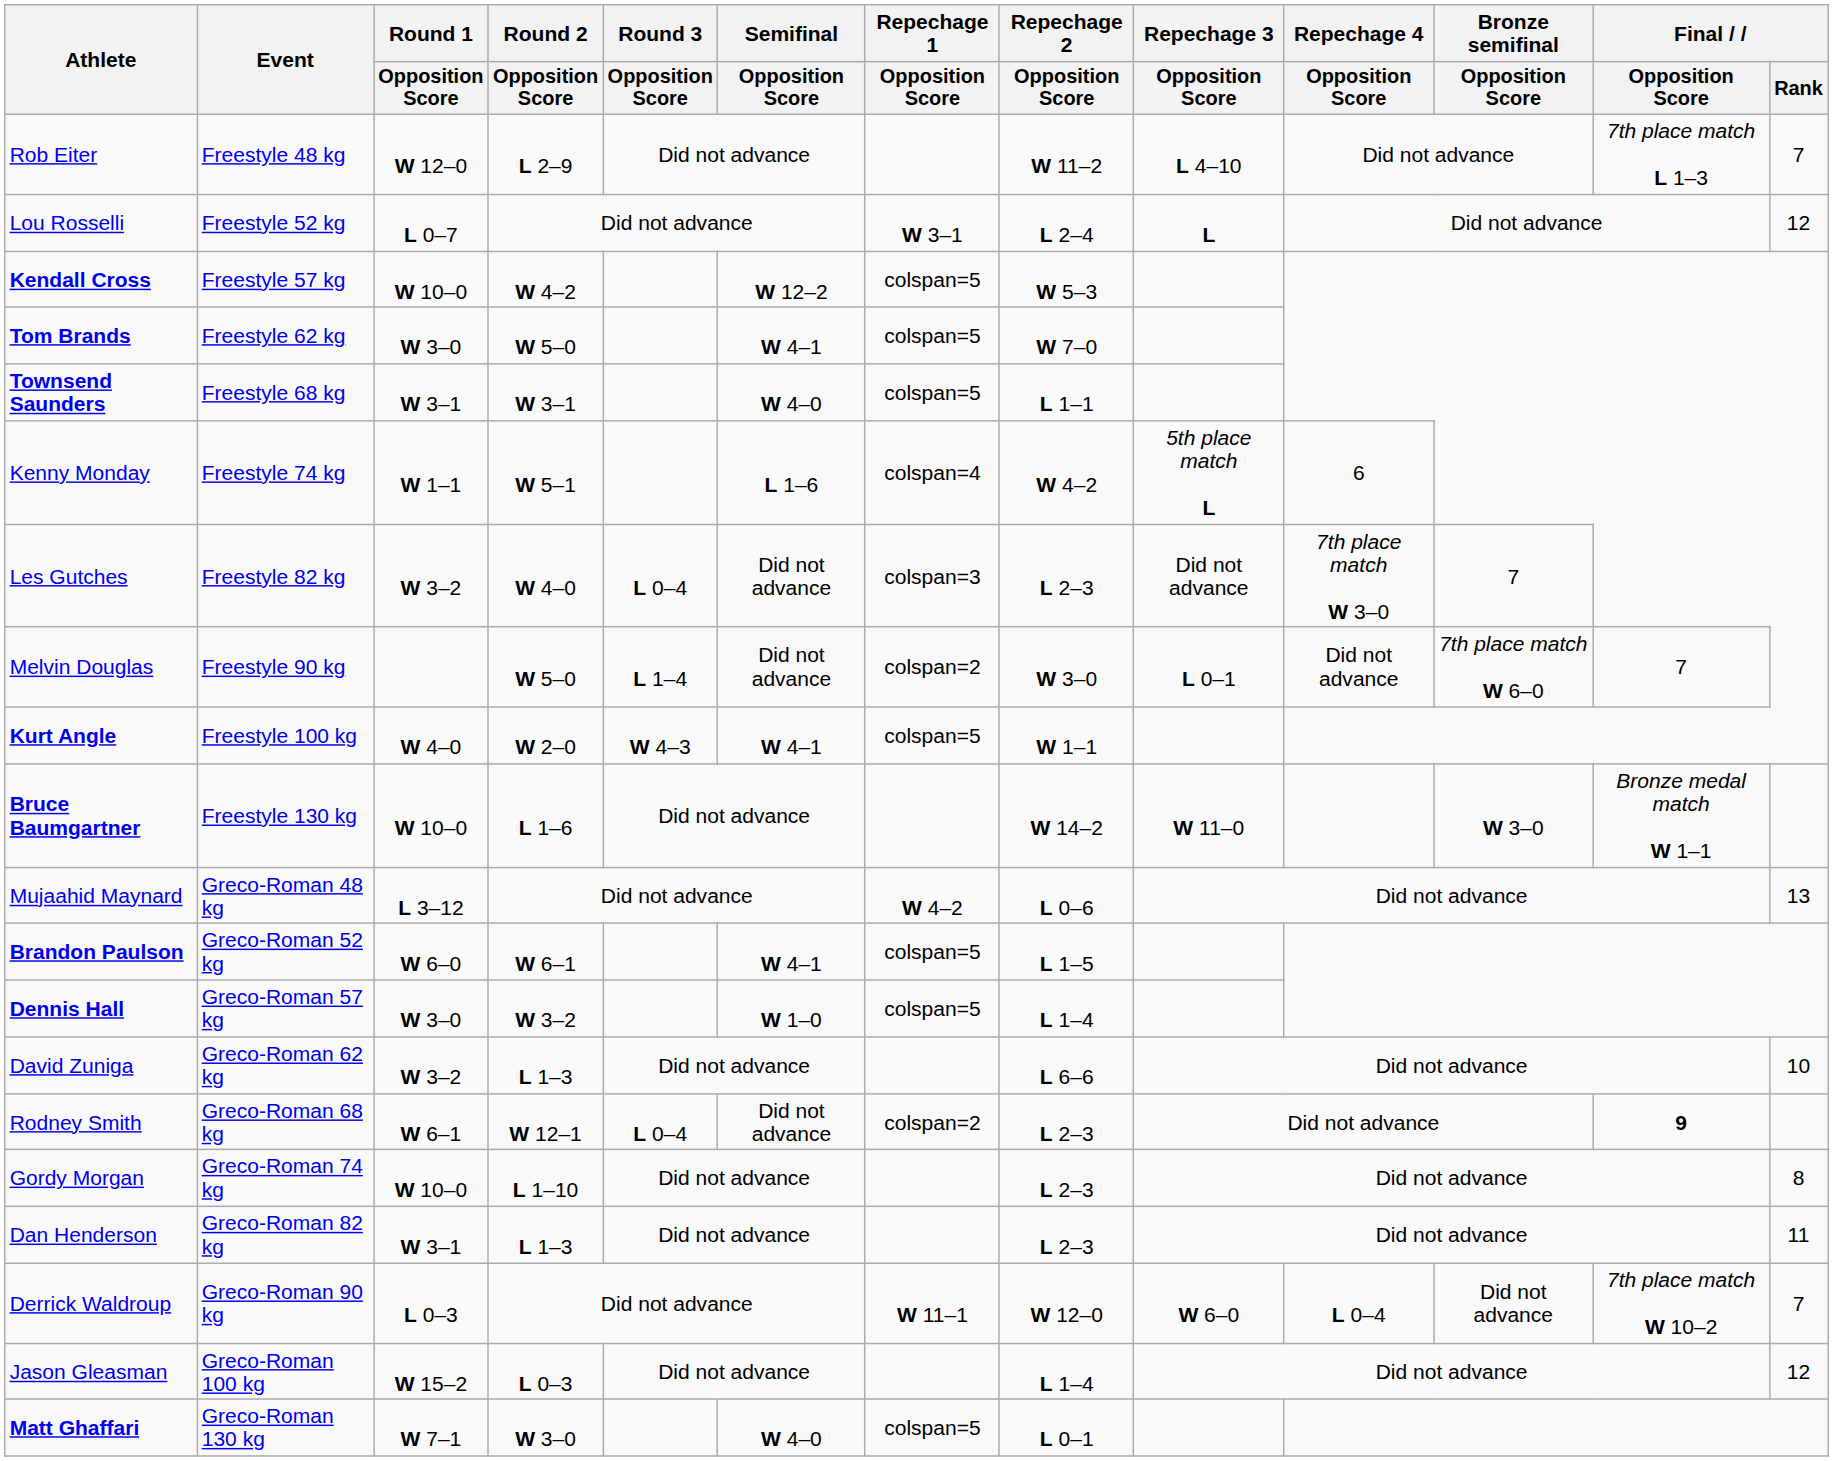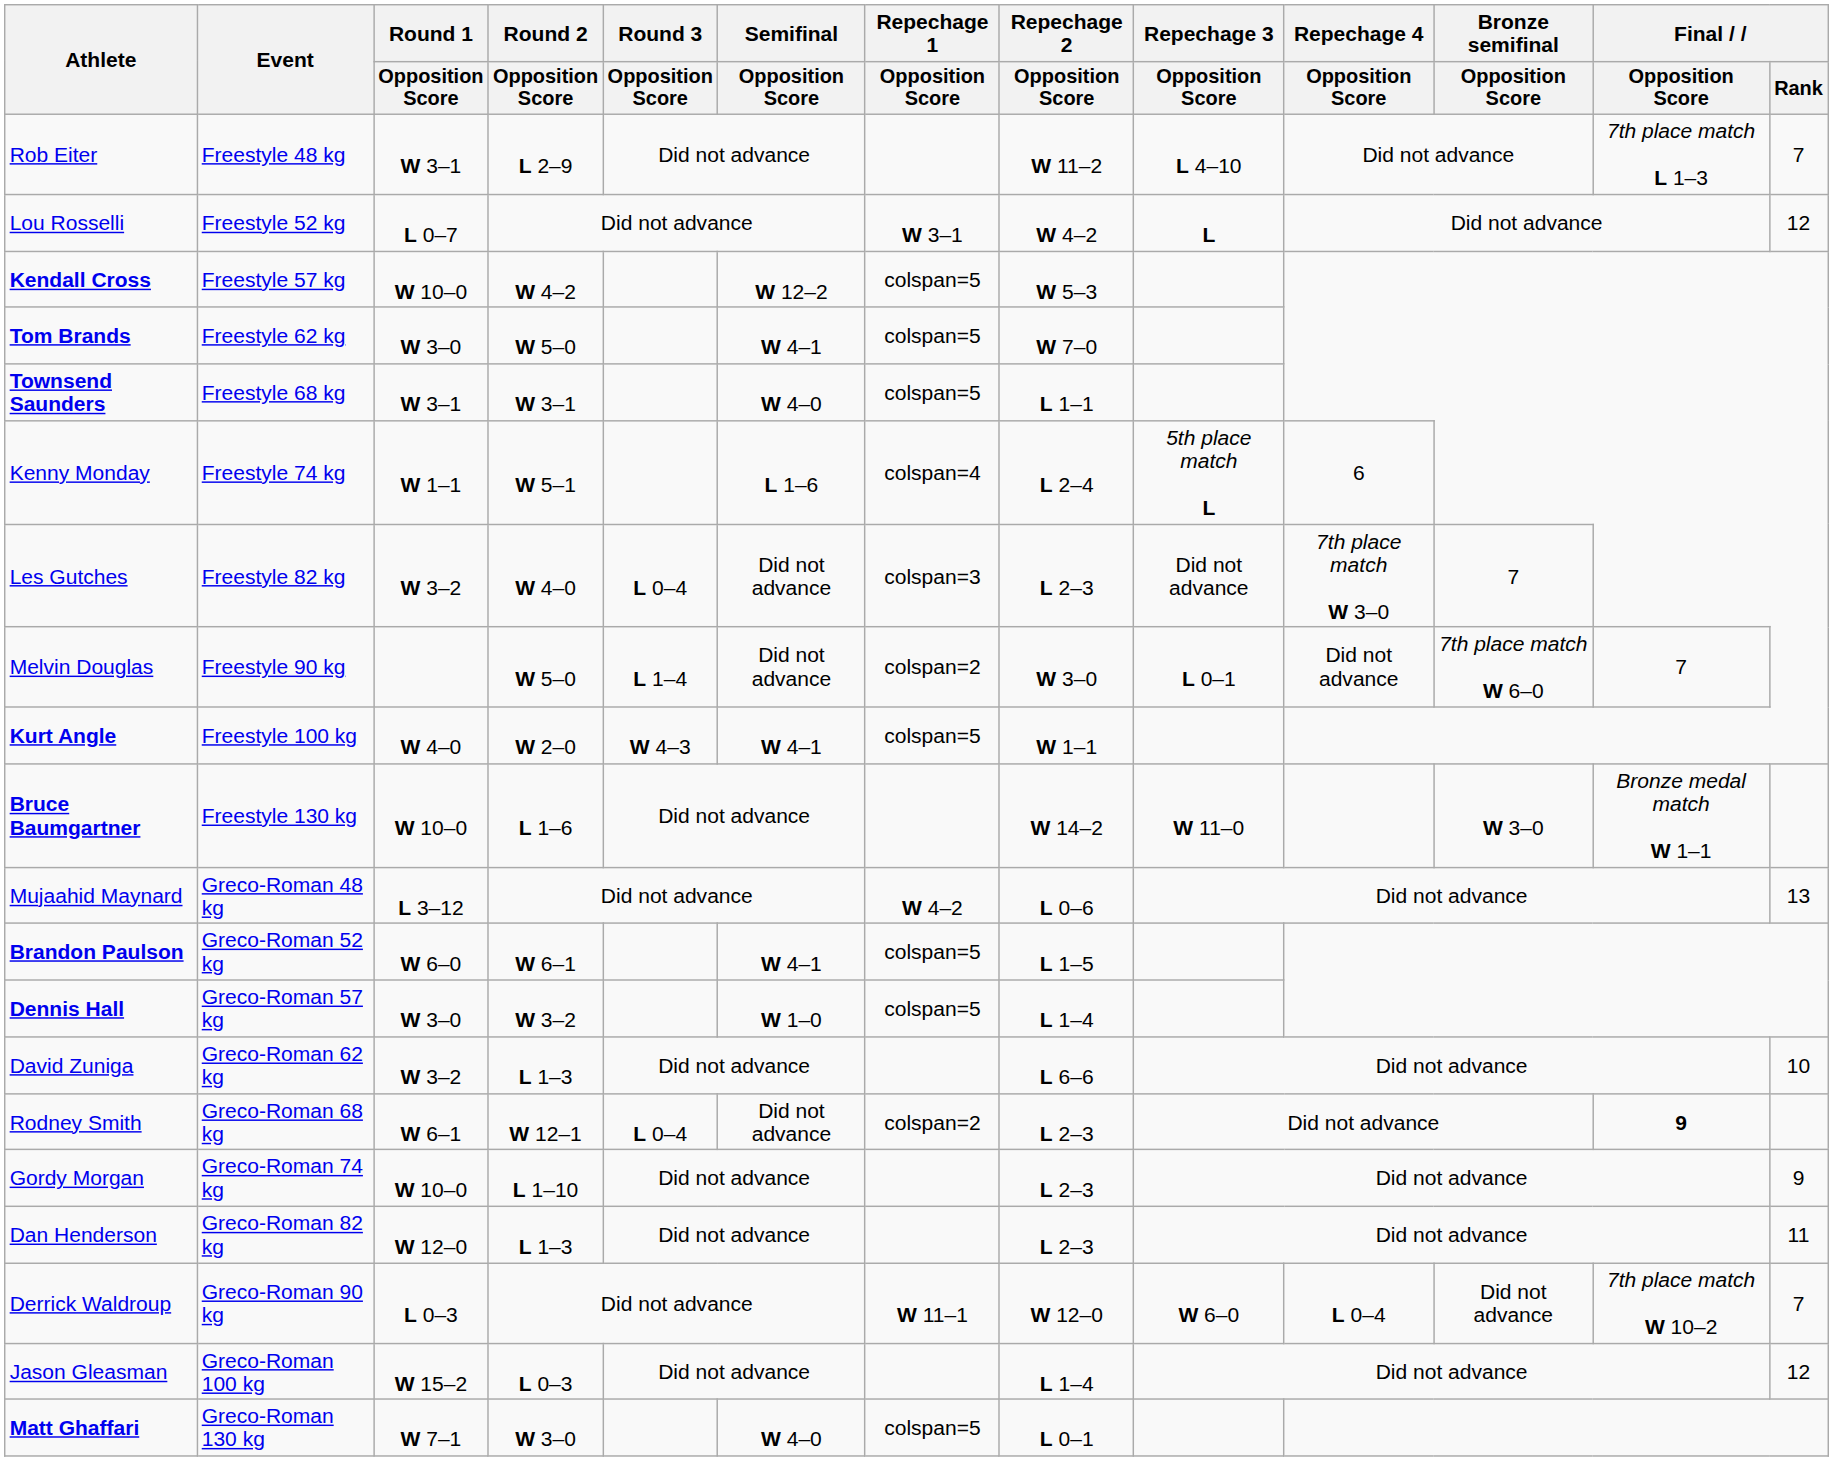 <table class=wikitable style=font-size:90%;text-align:center>
 <tr>
 <th rowspan=2>Athlete</th>
 <th rowspan=2>Event</th>
 <th>Round 1</th>
 <th>Round 2</th>
 <th>Round 3</th>
 <th>Semifinal</th>
 <th>Repechage 1</th>
 <th>Repechage 2</th>
 <th>Repechage 3</th>
 <th>Repechage 4</th>
 <th>Bronze semifinal</th>
 <th colspan=2>Final /  / </th>
 </tr>
 <tr style=font-size:95%>
 <th>Opposition<br>Score</th>
 <th>Opposition<br>Score</th>
 <th>Opposition<br>Score</th>
 <th>Opposition<br>Score</th>
 <th>Opposition<br>Score</th>
 <th>Opposition<br>Score</th>
 <th>Opposition<br>Score</th>
 <th>Opposition<br>Score</th>
 <th>Opposition<br>Score</th>
 <th>Opposition<br>Score</th>
 <th>Rank</th>
 </tr>
 <tr>
 <td align=left><a href='#'>Rob Eiter</a></td>
 <td align=left><a href='#'>Freestyle 48 kg</a></td>
-<td><br><strong>W</strong> 12–0</td>
+<td><br><strong>W</strong> 3–1</td>
 <td><br><strong>L</strong> 2–9</td>
 <td colspan=2>Did not advance</td>
 <td></td>
 <td><br><strong>W</strong> 11–2</td>
 <td><br><strong>L</strong> 4–10</td>
 <td colspan=2>Did not advance</td>
 <td><em>7th place match</em><br><br><strong>L</strong> 1–3</td>
 <td>7</td>
 </tr>
 <tr>
 <td align=left><a href='#'>Lou Rosselli</a></td>
 <td align=left><a href='#'>Freestyle 52 kg</a></td>
 <td><br><strong>L</strong> 0–7</td>
 <td colspan=3>Did not advance</td>
 <td><br><strong>W</strong> 3–1</td>
-<td><br><strong>L</strong> 2–4</td>
+<td><br><strong>W</strong> 4–2</td>
 <td><br><strong>L</strong> </td>
 <td colspan=3>Did not advance</td>
 <td>12</td>
 </tr>
 <tr>
 <td align=left><strong><a href='#'>Kendall Cross</a></strong></td>
 <td align=left><a href='#'>Freestyle 57 kg</a></td>
 <td><br><strong>W</strong> 10–0</td>
 <td><br><strong>W</strong> 4–2</td>
 <td></td>
 <td><br><strong>W</strong> 12–2</td>
 <td>colspan=5 </td>
 <td><br><strong>W</strong> 5–3</td>
 <td></td>
 </tr>
 <tr>
 <td align=left><strong><a href='#'>Tom Brands</a></strong></td>
 <td align=left><a href='#'>Freestyle 62 kg</a></td>
 <td><br><strong>W</strong> 3–0</td>
 <td><br><strong>W</strong> 5–0</td>
 <td></td>
 <td><br><strong>W</strong> 4–1</td>
 <td>colspan=5 </td>
 <td><br><strong>W</strong> 7–0</td>
 <td></td>
 </tr>
 <tr>
 <td align=left><strong><a href='#'>Townsend Saunders</a></strong></td>
 <td align=left><a href='#'>Freestyle 68 kg</a></td>
 <td><br><strong>W</strong> 3–1</td>
 <td><br><strong>W</strong> 3–1</td>
 <td></td>
 <td><br><strong>W</strong> 4–0</td>
 <td>colspan=5 </td>
 <td><br><strong>L</strong> 1–1</td>
 <td></td>
 </tr>
 <tr>
 <td align=left><a href='#'>Kenny Monday</a></td>
 <td align=left><a href='#'>Freestyle 74 kg</a></td>
 <td><br><strong>W</strong> 1–1</td>
 <td><br><strong>W</strong> 5–1</td>
 <td></td>
 <td><br><strong>L</strong> 1–6</td>
 <td>colspan=4 </td>
-<td><br><strong>W</strong> 4–2</td>
+<td><br><strong>L</strong> 2–4</td>
 <td><em>5th place match</em><br><br><strong>L</strong> </td>
 <td>6</td>
 </tr>
 <tr>
 <td align=left><a href='#'>Les Gutches</a></td>
 <td align=left><a href='#'>Freestyle 82 kg</a></td>
 <td><br><strong>W</strong> 3–2</td>
 <td><br><strong>W</strong> 4–0</td>
 <td><br><strong>L</strong> 0–4</td>
 <td>Did not advance</td>
 <td>colspan=3 </td>
 <td><br><strong>L</strong> 2–3</td>
 <td>Did not advance</td>
 <td><em>7th place match</em><br><br><strong>W</strong> 3–0</td>
 <td>7</td>
 </tr>
 <tr>
 <td align=left><a href='#'>Melvin Douglas</a></td>
 <td align=left><a href='#'>Freestyle 90 kg</a></td>
 <td></td>
 <td><br><strong>W</strong> 5–0</td>
 <td><br><strong>L</strong> 1–4</td>
 <td>Did not advance</td>
 <td>colspan=2 </td>
 <td><br><strong>W</strong> 3–0</td>
 <td><br><strong>L</strong> 0–1</td>
 <td>Did not advance</td>
 <td><em>7th place match</em><br><br><strong>W</strong> 6–0</td>
 <td>7</td>
 </tr>
 <tr>
 <td align=left><strong><a href='#'>Kurt Angle</a></strong></td>
 <td align=left><a href='#'>Freestyle 100 kg</a></td>
 <td><br><strong>W</strong> 4–0</td>
 <td><br><strong>W</strong> 2–0</td>
 <td><br><strong>W</strong> 4–3</td>
 <td><br><strong>W</strong> 4–1</td>
 <td>colspan=5 </td>
 <td><br><strong>W</strong> 1–1</td>
 <td></td>
 </tr>
 <tr>
 <td align=left><strong><a href='#'>Bruce Baumgartner</a></strong></td>
 <td align=left><a href='#'>Freestyle 130 kg</a></td>
 <td><br><strong>W</strong> 10–0</td>
 <td><br><strong>L</strong> 1–6</td>
 <td colspan=2>Did not advance</td>
 <td></td>
 <td><br><strong>W</strong> 14–2</td>
 <td><br><strong>W</strong> 11–0</td>
 <td></td>
 <td><br><strong>W</strong> 3–0</td>
 <td><em>Bronze medal match</em><br><br><strong>W</strong> 1–1</td>
 <td></td>
 </tr>
 <tr>
 <td align=left><a href='#'>Mujaahid Maynard</a></td>
 <td align=left><a href='#'>Greco-Roman 48 kg</a></td>
 <td><br><strong>L</strong> 3–12</td>
 <td colspan=3>Did not advance</td>
 <td><br><strong>W</strong> 4–2 </td>
 <td><br><strong>L</strong> 0–6</td>
 <td colspan=4>Did not advance</td>
 <td>13</td>
 </tr>
 <tr>
 <td align=left><strong><a href='#'>Brandon Paulson</a></strong></td>
 <td align=left><a href='#'>Greco-Roman 52 kg</a></td>
 <td><br><strong>W</strong> 6–0 </td>
 <td><br><strong>W</strong> 6–1</td>
 <td></td>
 <td><br><strong>W</strong> 4–1</td>
 <td>colspan=5 </td>
 <td><br><strong>L</strong> 1–5</td>
 <td></td>
 </tr>
 <tr>
 <td align=left><strong><a href='#'>Dennis Hall</a></strong></td>
 <td align=left><a href='#'>Greco-Roman 57 kg</a></td>
 <td><br><strong>W</strong> 3–0</td>
 <td><br><strong>W</strong> 3–2</td>
 <td></td>
 <td><br><strong>W</strong> 1–0</td>
 <td>colspan=5 </td>
 <td><br><strong>L</strong> 1–4</td>
 <td></td>
 </tr>
 <tr>
 <td align=left><a href='#'>David Zuniga</a></td>
 <td align=left><a href='#'>Greco-Roman 62 kg</a></td>
 <td><br><strong>W</strong> 3–2</td>
 <td><br><strong>L</strong> 1–3</td>
 <td colspan=2>Did not advance</td>
 <td></td>
 <td><br><strong>L</strong> 6–6</td>
 <td colspan=4>Did not advance</td>
 <td>10</td>
 </tr>
 <tr>
 <td align=left><a href='#'>Rodney Smith</a></td>
 <td align=left><a href='#'>Greco-Roman 68 kg</a></td>
 <td><br><strong>W</strong> 6–1</td>
 <td><br><strong>W</strong> 12–1</td>
 <td><br><strong>L</strong> 0–4</td>
 <td>Did not advance</td>
 <td>colspan=2 </td>
 <td><br><strong>L</strong> 2–3</td>
 <td colspan=3>Did not advance</td>
 <td><strong>9</strong></td>
 </tr>
 <tr>
 <td align=left><a href='#'>Gordy Morgan</a></td>
 <td align=left><a href='#'>Greco-Roman 74 kg</a></td>
 <td><br><strong>W</strong> 10–0</td>
 <td><br><strong>L</strong> 1–10</td>
 <td colspan=2>Did not advance</td>
 <td></td>
 <td><br><strong>L</strong> 2–3</td>
 <td colspan=4>Did not advance</td>
-<td>8</td>
+<td>9</td>
 </tr>
 <tr>
 <td align=left><a href='#'>Dan Henderson</a></td>
 <td align=left><a href='#'>Greco-Roman 82 kg</a></td>
-<td><br><strong>W</strong> 3–1</td>
+<td><br><strong>W</strong> 12–0</td>
 <td><br><strong>L</strong> 1–3</td>
 <td colspan=2>Did not advance</td>
 <td></td>
 <td><br><strong>L</strong> 2–3</td>
 <td colspan=4>Did not advance</td>
 <td>11</td>
 </tr>
 <tr>
 <td align=left><a href='#'>Derrick Waldroup</a></td>
 <td align=left><a href='#'>Greco-Roman 90 kg</a></td>
 <td><br><strong>L</strong> 0–3</td>
 <td colspan=3>Did not advance</td>
 <td><br><strong>W</strong> 11–1</td>
 <td><br><strong>W</strong> 12–0</td>
 <td><br><strong>W</strong> 6–0</td>
 <td><br><strong>L</strong> 0–4</td>
 <td>Did not advance</td>
 <td><em>7th place match</em><br><br><strong>W</strong> 10–2</td>
 <td>7</td>
 </tr>
 <tr>
 <td align=left><a href='#'>Jason Gleasman</a></td>
 <td align=left><a href='#'>Greco-Roman 100 kg</a></td>
 <td><br><strong>W</strong> 15–2</td>
 <td><br><strong>L</strong> 0–3</td>
 <td colspan=2>Did not advance</td>
 <td></td>
 <td><br><strong>L</strong> 1–4</td>
 <td colspan=4>Did not advance</td>
 <td>12</td>
 </tr>
 <tr>
 <td align=left><strong><a href='#'>Matt Ghaffari</a></strong></td>
 <td align=left><a href='#'>Greco-Roman 130 kg</a></td>
 <td><br><strong>W</strong> 7–1</td>
 <td><br><strong>W</strong> 3–0</td>
 <td></td>
 <td><br><strong>W</strong> 4–0</td>
 <td>colspan=5 </td>
 <td><br><strong>L</strong> 0–1</td>
 <td></td>
 </tr>
 </table>
